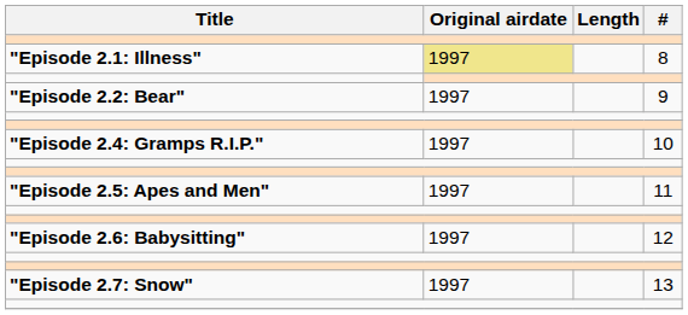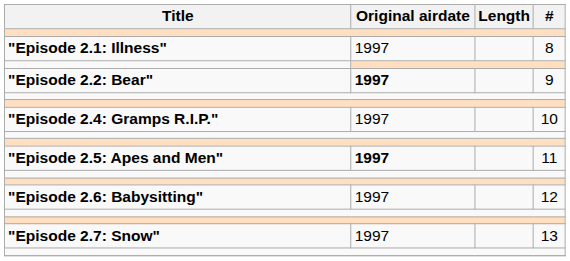 <table class="wikitable">
 <tr>
 <th width="350">Title</th>
 <th width="120">Original airdate</th>
 <th width="50">Length</th>
 <th width="25">#</th>
 </tr>
 <tr>
 <td colspan="5" bgcolor="#FFDFBF"></td>
 </tr>
 <tr>
 <td><strong>"Episode 2.1: Illness"</strong></td>
-<td style="background: khaki;">1997</td>
+<td>1997</td>
 <td align="center"></td>
 <td align="center">8</td>
 </tr>
 <tr>
 <td></td>
 <td colspan="5" bgcolor="#FFDFBF"></td>
 </tr>
 <tr>
 <td><strong>"Episode 2.2: Bear"</strong></td>
-<td>1997</td>
+<td><strong>1997</strong></td>
 <td align="center"></td>
 <td align="center">9</td>
 </tr>
 <tr>
 <td colspan="4"></td>
 </tr>
 <tr>
 <td colspan="5" bgcolor="#FFDFBF"></td>
 </tr>
 <tr>
 <td><strong>"Episode 2.4: Gramps R.I.P."</strong></td>
 <td>1997</td>
 <td align="center"></td>
 <td align="center">10</td>
 </tr>
 <tr>
 <td colspan="4"></td>
 </tr>
 <tr>
 <td colspan="5" bgcolor="#FFDFBF"></td>
 </tr>
 <tr>
 <td><strong>"Episode 2.5: Apes and Men"</strong></td>
-<td>1997</td>
+<td><strong>1997</strong></td>
 <td align="center"></td>
 <td align="center">11</td>
 </tr>
 <tr>
 <td colspan="4"></td>
 </tr>
 <tr>
 <td colspan="5" bgcolor="#FFDFBF"></td>
 </tr>
 <tr>
 <td><strong>"Episode 2.6: Babysitting"</strong></td>
 <td>1997</td>
 <td align="center"></td>
 <td align="center">12</td>
 </tr>
 <tr>
 <td colspan="4"></td>
 </tr>
 <tr>
 <td colspan="5" bgcolor="#FFDFBF"></td>
 </tr>
 <tr>
 <td><strong>"Episode 2.7: Snow"</strong></td>
 <td>1997</td>
 <td align="center"></td>
 <td align="center">13</td>
 </tr>
 <tr>
 <td colspan="4"></td>
 </tr>
 <tr>
 </tr>
 </table>
